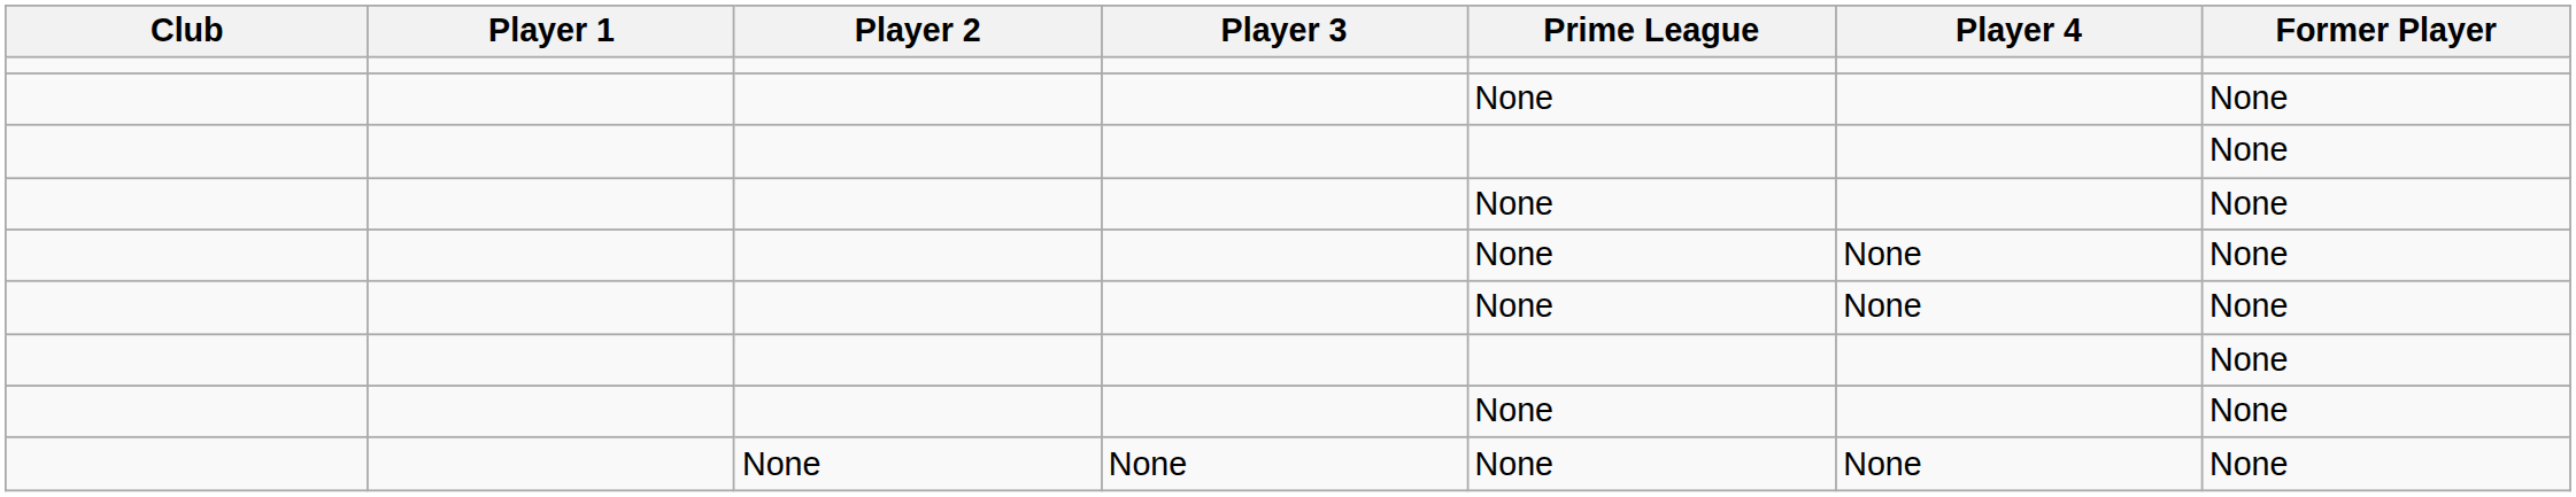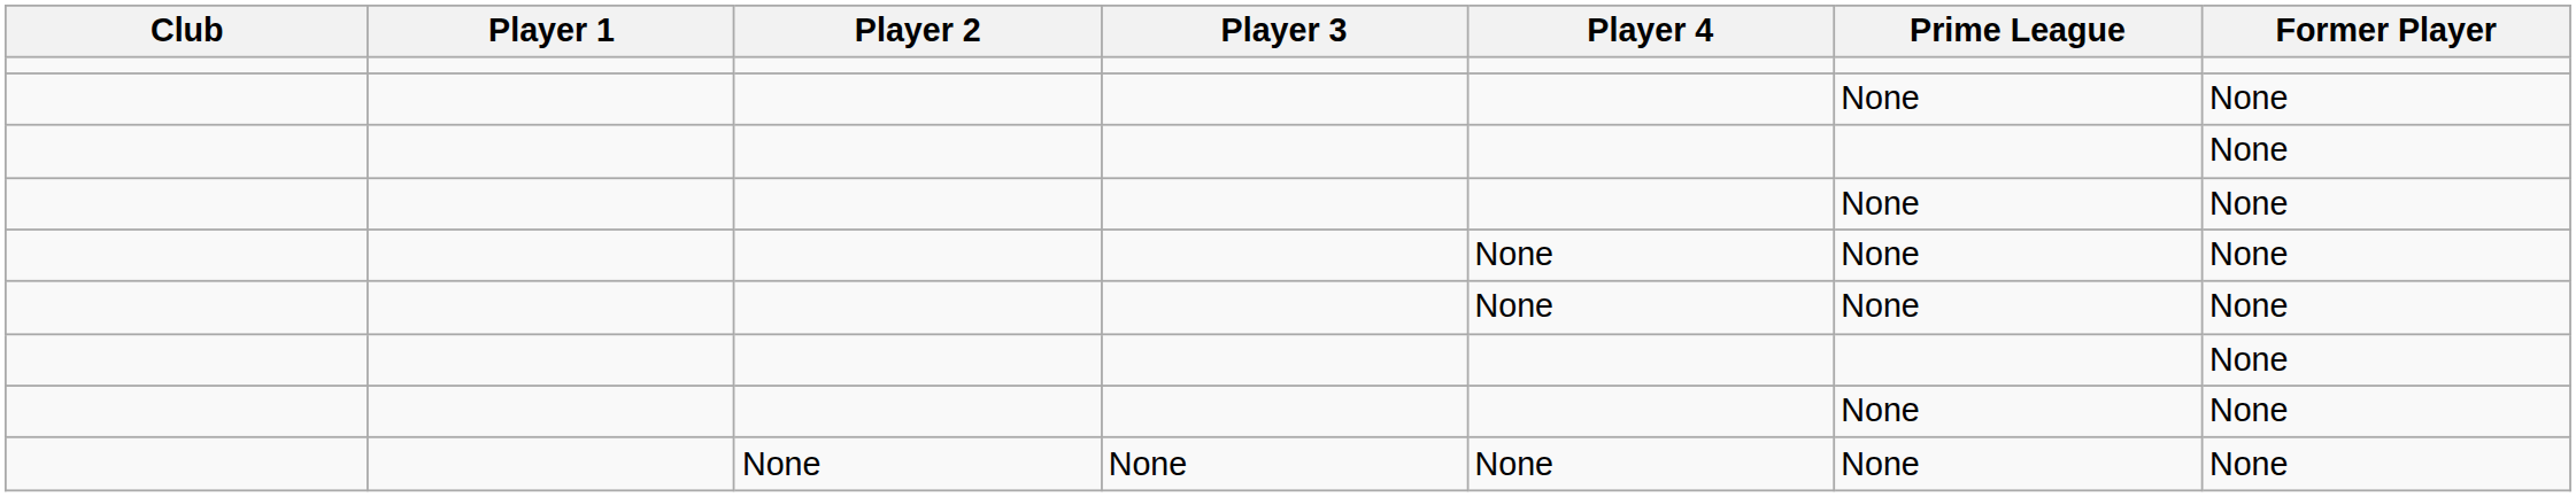 <table class="wikitable ">
 <tr>
 <th style="width:190px;">Club</th>
 <th style="width:190px;">Player 1</th>
 <th style="width:190px;">Player 2</th>
 <th style="width:190px;">Player 3</th>
+<th style="width:190px;">Player 4</th>
 <th style="width:190px;">Prime League</th>
-<th style="width:190px;">Player 4</th>
 <th style="width:190px;">Former Player</th>
 </tr>
 <tr>
 <td></td>
 <td></td>
 <td></td>
 <td></td>
 <td></td>
 <td></td>
 <td></td>
 </tr>
 <tr>
 <td></td>
 <td></td>
 <td></td>
 <td></td>
+<td></td>
 <td>None</td>
-<td></td>
 <td>None</td>
 </tr>
 <tr>
 <td></td>
 <td></td>
 <td></td>
 <td></td>
 <td></td>
 <td></td>
 <td>None</td>
 </tr>
 <tr>
 <td></td>
 <td></td>
 <td></td>
 <td></td>
+<td></td>
 <td>None</td>
-<td></td>
 <td>None</td>
 </tr>
 <tr>
 <td></td>
 <td></td>
 <td></td>
 <td></td>
 <td>None</td>
 <td>None</td>
 <td>None</td>
 </tr>
 <tr>
 <td></td>
 <td></td>
 <td></td>
 <td></td>
 <td>None</td>
 <td>None</td>
 <td>None</td>
 </tr>
 <tr>
 <td></td>
 <td></td>
 <td></td>
 <td></td>
 <td></td>
 <td></td>
 <td>None</td>
 </tr>
 <tr>
 <td></td>
 <td></td>
 <td></td>
 <td></td>
+<td></td>
 <td>None</td>
-<td></td>
 <td>None</td>
 </tr>
 <tr>
 <td> </td>
 <td></td>
 <td>None</td>
 <td>None</td>
 <td>None</td>
 <td>None</td>
 <td>None</td>
 </tr>
 </table>
